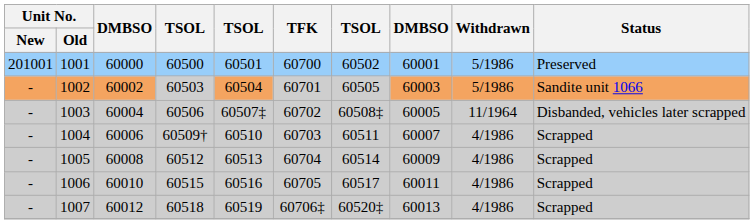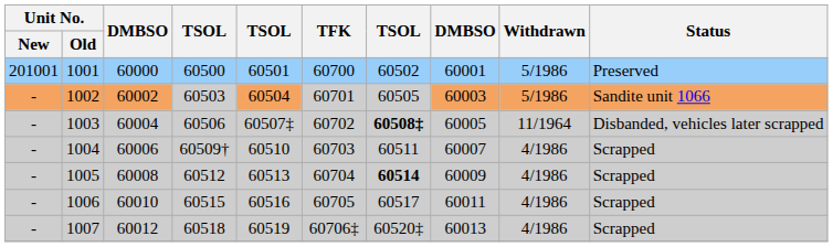 <table class="wikitable">
 <tr>
 <th colspan=2>Unit No.</th>
 <th rowspan=2 width=55>DMBSO</th>
 <th rowspan=2 width=55>TSOL</th>
 <th rowspan=2 width=55>TSOL</th>
 <th rowspan=2 width=55>TFK</th>
 <th rowspan=2 width=55>TSOL</th>
 <th rowspan=2 width=55>DMBSO</th>
 <th rowspan=2>Withdrawn</th>
 <th rowspan=2 align=left>Status</th>
 </tr>
 <tr>
 <th>New</th>
 <th>Old</th>
 </tr>
 <tr>
 <td bgcolor=98cefa align=center>201001</td>
 <td bgcolor=98cefa align=center>1001</td>
 <td bgcolor=98cefa align=center>60000</td>
 <td bgcolor=98cefa align=center>60500</td>
 <td bgcolor=98cefa align=center>60501</td>
 <td bgcolor=98cefa align=center>60700</td>
 <td bgcolor=98cefa align=center>60502</td>
 <td bgcolor=98cefa align=center>60001</td>
 <td bgcolor=98cefa align=center>5/1986</td>
 <td bgcolor=98cefa>Preserved</td>
 </tr>
 <tr>
 <td bgcolor=f4a460 align=center>-</td>
 <td bgcolor=f4a460 align=center>1002</td>
 <td bgcolor=f4a460 align=center>60002</td>
 <td bgcolor=cecece align=center>60503</td>
 <td bgcolor=f4a460 align=center>60504</td>
 <td bgcolor=cecece align=center>60701</td>
 <td bgcolor=cecece align=center>60505</td>
 <td bgcolor=f4a460 align=center>60003</td>
 <td bgcolor=f4a460 align=center>5/1986</td>
 <td bgcolor=f4a460>Sandite unit <a href='#'>1066</a></td>
 </tr>
 <tr>
 <td bgcolor=cecece align=center>-</td>
 <td bgcolor=cecece align=center>1003</td>
 <td bgcolor=cecece align=center>60004</td>
 <td bgcolor=cecece align=center>60506</td>
 <td bgcolor=cecece align=center>60507‡</td>
 <td bgcolor=cecece align=center>60702</td>
-<td bgcolor=cecece align=center>60508‡</td>
+<td bgcolor=cecece align=center><strong>60508‡</strong></td>
 <td bgcolor=cecece align=center>60005</td>
 <td bgcolor=cecece align=center>11/1964</td>
 <td bgcolor=cecece>Disbanded, vehicles later scrapped</td>
 </tr>
 <tr>
 <td bgcolor=cecece align=center>-</td>
 <td bgcolor=cecece align=center>1004</td>
 <td bgcolor=cecece align=center>60006</td>
 <td bgcolor=cecece align=center>60509†</td>
 <td bgcolor=cecece align=center>60510</td>
 <td bgcolor=cecece align=center>60703</td>
 <td bgcolor=cecece align=center>60511</td>
 <td bgcolor=cecece align=center>60007</td>
 <td bgcolor=cecece align=center>4/1986</td>
 <td bgcolor=cecece>Scrapped</td>
 </tr>
 <tr>
 <td bgcolor=cecece align=center>-</td>
 <td bgcolor=cecece align=center>1005</td>
 <td bgcolor=cecece align=center>60008</td>
 <td bgcolor=cecece align=center>60512</td>
 <td bgcolor=cecece align=center>60513</td>
 <td bgcolor=cecece align=center>60704</td>
-<td bgcolor=cecece align=center>60514</td>
+<td bgcolor=cecece align=center><strong>60514</strong></td>
 <td bgcolor=cecece align=center>60009</td>
 <td bgcolor=cecece align=center>4/1986</td>
 <td bgcolor=cecece>Scrapped</td>
 </tr>
 <tr>
 <td bgcolor=cecece align=center>-</td>
 <td bgcolor=cecece align=center>1006</td>
 <td bgcolor=cecece align=center>60010</td>
 <td bgcolor=cecece align=center>60515</td>
 <td bgcolor=cecece align=center>60516</td>
 <td bgcolor=cecece align=center>60705</td>
 <td bgcolor=cecece align=center>60517</td>
 <td bgcolor=cecece align=center>60011</td>
 <td bgcolor=cecece align=center>4/1986</td>
 <td bgcolor=cecece>Scrapped</td>
 </tr>
 <tr>
 <td bgcolor=cecece align=center>-</td>
 <td bgcolor=cecece align=center>1007</td>
 <td bgcolor=cecece align=center>60012</td>
 <td bgcolor=cecece align=center>60518</td>
 <td bgcolor=cecece align=center>60519</td>
 <td bgcolor=cecece align=center>60706‡</td>
 <td bgcolor=cecece align=center>60520‡</td>
 <td bgcolor=cecece align=center>60013</td>
 <td bgcolor=cecece align=center>4/1986</td>
 <td bgcolor=cecece>Scrapped</td>
 </tr>
 <tr>
 </tr>
 </table>
